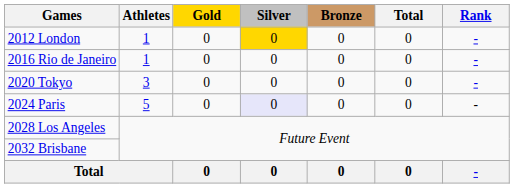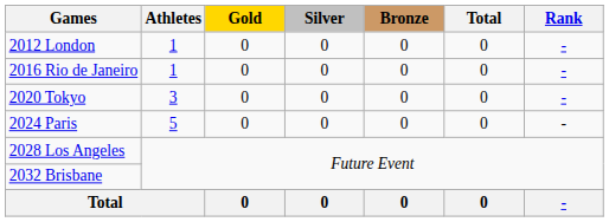 <table class="wikitable" style="text-align:center; font-size:90%;">
 <tr>
 <th>Games</th>
 <th>Athletes</th>
 <td style="background:gold; width:4.5em; font-weight:bold;">Gold</td>
 <td style="background:silver; width:4.5em; font-weight:bold;">Silver</td>
 <td style="background:#cc9966; width:4.5em; font-weight:bold;">Bronze</td>
 <th style="width:4.5em; font-weight:bold;">Total</th>
 <th style="width:4.5em; font-weight:bold;"><a href='#'>Rank</a></th>
 </tr>
 <tr>
 <td align=left><a href='#'>2012 London</a></td>
 <td><a href='#'>1</a></td>
 <td>0</td>
-<td style="background: gold;">0</td>
+<td>0</td>
 <td>0</td>
 <td>0</td>
 <td><a href='#'>-</a></td>
 </tr>
 <tr>
 <td align=left><a href='#'>2016 Rio de Janeiro</a></td>
 <td><a href='#'>1</a></td>
 <td>0</td>
 <td>0</td>
 <td>0</td>
 <td>0</td>
 <td><a href='#'>-</a></td>
 </tr>
 <tr>
 <td align=left><a href='#'>2020 Tokyo</a></td>
 <td><a href='#'>3</a></td>
 <td>0</td>
 <td>0</td>
 <td>0</td>
 <td>0</td>
 <td><a href='#'>-</a></td>
 </tr>
 <tr>
 <td align=left><a href='#'>2024 Paris</a></td>
 <td><a href='#'>5</a></td>
 <td>0</td>
-<td style="background: lavender;">0</td>
+<td>0</td>
 <td>0</td>
 <td>0</td>
 <td>-</td>
 </tr>
 <tr>
 <td align=left><a href='#'>2028 Los Angeles</a></td>
 <td colspan="6" rowspan="2"><em>Future Event</em></td>
 </tr>
 <tr>
 <td align=left><a href='#'>2032 Brisbane</a></td>
 </tr>
 <tr>
 <th colspan=2>Total</th>
 <th>0</th>
 <th>0</th>
 <th>0</th>
 <th>0</th>
 <th><a href='#'>-</a></th>
 </tr>
 </table>
